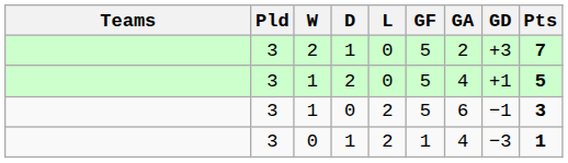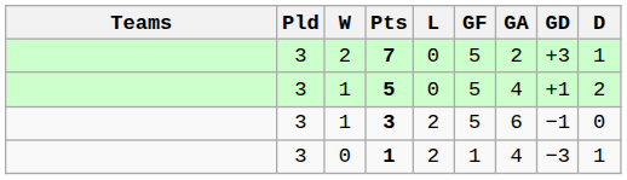 <table class="wikitable" style="text-align: center;">
 <tr>
 <th width=165>Teams</th>
 <th width=20>Pld</th>
 <th width=20>W</th>
-<th width=20>D</th>
+<th width=20>Pts</th>
 <th width=20>L</th>
 <th width=20>GF</th>
 <th width=20>GA</th>
 <th width=20>GD</th>
-<th width=20>Pts</th>
+<th width=20>D</th>
 </tr>
 <tr align=center style="background:#ccffcc;">
 <td style="text-align:left;"></td>
 <td>3</td>
 <td>2</td>
-<td>1</td>
+<td><strong>7</strong></td>
 <td>0</td>
 <td>5</td>
 <td>2</td>
 <td>+3</td>
-<td><strong>7</strong></td>
+<td>1</td>
 </tr>
 <tr align=center style="background:#ccffcc;">
 <td style="text-align:left;"></td>
 <td>3</td>
 <td>1</td>
-<td>2</td>
+<td><strong>5</strong></td>
 <td>0</td>
 <td>5</td>
 <td>4</td>
 <td>+1</td>
-<td><strong>5</strong></td>
+<td>2</td>
 </tr>
 <tr align=center>
 <td style="text-align:left;"></td>
 <td>3</td>
 <td>1</td>
-<td>0</td>
+<td><strong>3</strong></td>
 <td>2</td>
 <td>5</td>
 <td>6</td>
 <td>−1</td>
-<td><strong>3</strong></td>
+<td>0</td>
 </tr>
 <tr align=center>
 <td style="text-align:left;"></td>
 <td>3</td>
 <td>0</td>
-<td>1</td>
+<td><strong>1</strong></td>
 <td>2</td>
 <td>1</td>
 <td>4</td>
 <td>−3</td>
-<td><strong>1</strong></td>
+<td>1</td>
 </tr>
 </table>
